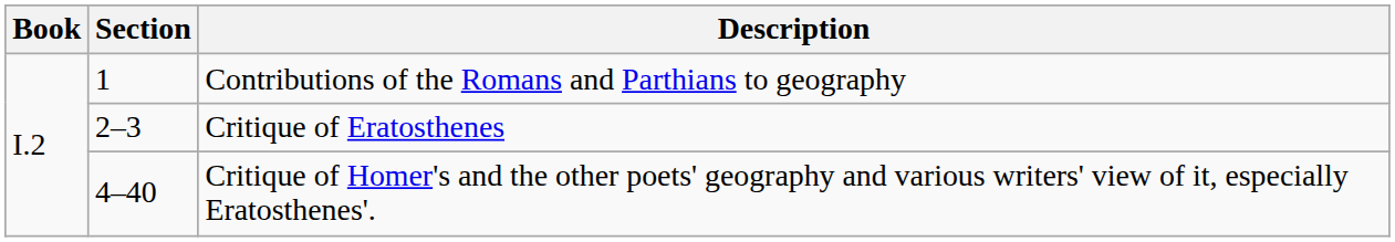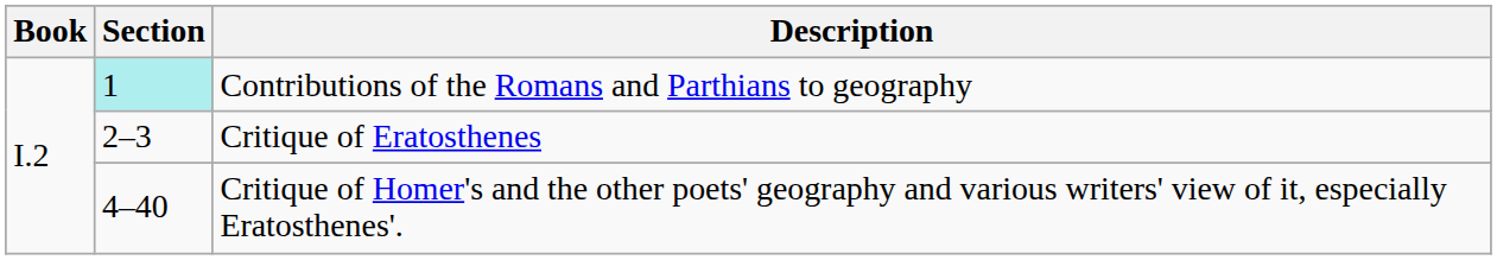 <table class="wikitable" style="max-width:45em;">
 <tr>
 <th>Book</th>
 <th>Section</th>
 <th>Description</th>
 </tr>
 <tr>
 <td rowspan="3">I.2</td>
-<td>1</td>
+<td style="background: paleturquoise;">1</td>
 <td>Contributions of the <a href='#'>Romans</a> and <a href='#'>Parthians</a> to geography</td>
 </tr>
 <tr>
 <td>2–3</td>
 <td>Critique of <a href='#'>Eratosthenes</a></td>
 </tr>
 <tr>
 <td>4–40</td>
 <td>Critique of <a href='#'>Homer</a>'s and the other poets' geography and various writers' view of it, especially Eratosthenes'.</td>
 </tr>
 </table>
